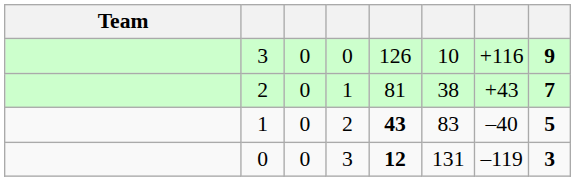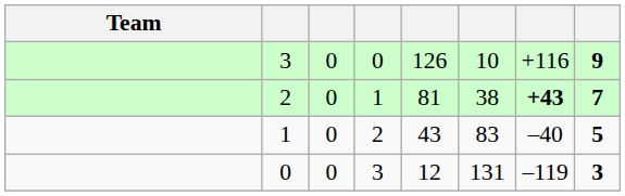 <table class="wikitable" style="text-align:center;">
 <tr>
 <th style="width:10.5em;">Team</th>
 <th style="width:1.5em;"></th>
 <th style="width:1.5em;"></th>
 <th style="width:1.5em;"></th>
 <th style="width:2.0em;"></th>
 <th style="width:2.0em;"></th>
 <th style="width:2.0em;"></th>
 <th style="width:1.5em;"></th>
 </tr>
 <tr bgcolor="#cfc">
 <td align="left"></td>
 <td>3</td>
 <td>0</td>
 <td>0</td>
 <td>126</td>
 <td>10</td>
 <td>+116</td>
 <td><strong>9</strong></td>
 </tr>
 <tr bgcolor="#cfc">
 <td align="left"></td>
 <td>2</td>
 <td>0</td>
 <td>1</td>
 <td>81</td>
 <td>38</td>
-<td>+43</td>
+<td><strong>+43</strong></td>
 <td><strong>7</strong></td>
 </tr>
 <tr>
 <td align="left"></td>
 <td>1</td>
 <td>0</td>
 <td>2</td>
-<td><strong>43</strong></td>
+<td>43</td>
 <td>83</td>
 <td>–40</td>
 <td><strong>5</strong></td>
 </tr>
 <tr>
 <td align="left"></td>
 <td>0</td>
 <td>0</td>
 <td>3</td>
-<td><strong>12</strong></td>
+<td>12</td>
 <td>131</td>
 <td>–119</td>
 <td><strong>3</strong></td>
 </tr>
 </table>
